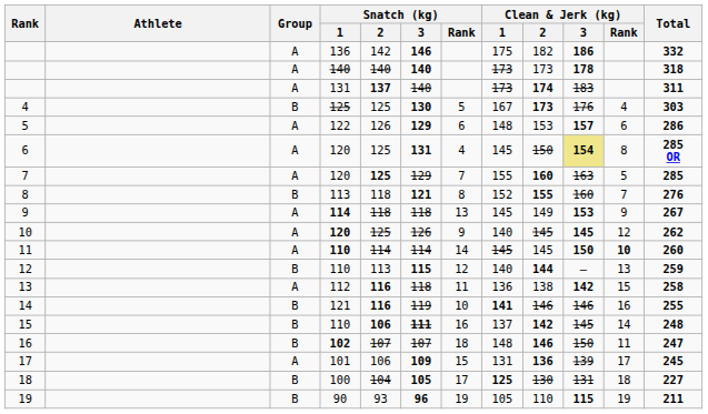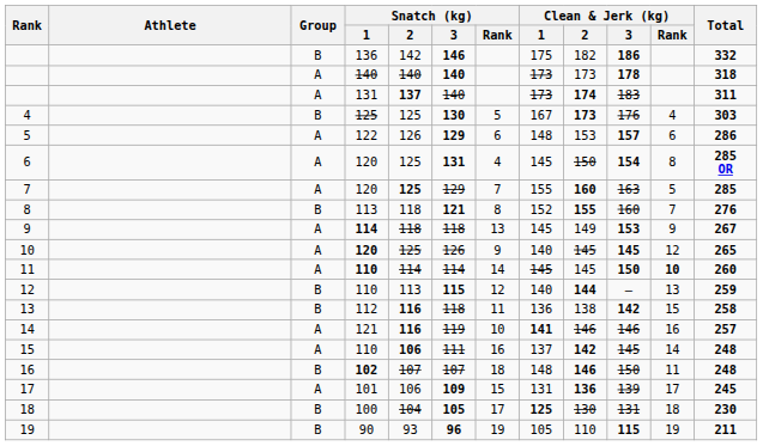 <table class = "wikitable" style="text-align:center;">
 <tr>
 <th rowspan=2 width=40>Rank</th>
 <th rowspan=2 width=250>Athlete</th>
 <th rowspan=2 width=50>Group</th>
 <th colspan=4>Snatch (kg)</th>
 <th colspan=4>Clean & Jerk (kg)</th>
 <th rowspan=2 width=60>Total</th>
 </tr>
 <tr>
 <th width=40>1</th>
 <th width=40>2</th>
 <th width=40>3</th>
 <th width=40>Rank</th>
 <th width=40>1</th>
 <th width=40>2</th>
 <th width=40>3</th>
 <th width=40>Rank</th>
 </tr>
 <tr>
 <td></td>
 <td align=left></td>
-<td>A</td>
+<td>B</td>
 <td>136</td>
 <td>142</td>
 <td><strong>146</strong></td>
 <td></td>
 <td>175</td>
 <td>182</td>
 <td><strong>186</strong></td>
 <td></td>
 <td><strong>332</strong></td>
 </tr>
 <tr>
 <td></td>
 <td align=left></td>
 <td>A</td>
 <td><s>140</s></td>
 <td><s>140</s></td>
 <td><strong>140</strong></td>
 <td></td>
 <td><s>173</s></td>
 <td>173</td>
 <td><strong>178</strong></td>
 <td></td>
 <td><strong>318</strong></td>
 </tr>
 <tr>
 <td></td>
 <td align=left></td>
 <td>A</td>
 <td>131</td>
 <td><strong>137</strong></td>
 <td><s>140</s></td>
 <td></td>
 <td><s>173</s></td>
 <td><strong>174</strong></td>
 <td><s>183</s></td>
 <td></td>
 <td><strong>311</strong></td>
 </tr>
 <tr>
 <td>4</td>
 <td align=left></td>
 <td>B</td>
 <td><s>125</s></td>
 <td>125</td>
 <td><strong>130</strong></td>
 <td>5</td>
 <td>167</td>
 <td><strong>173</strong></td>
 <td><s>176</s></td>
 <td>4</td>
 <td><strong>303</strong></td>
 </tr>
 <tr>
 <td>5</td>
 <td align=left></td>
 <td>A</td>
 <td>122</td>
 <td>126</td>
 <td><strong>129</strong></td>
 <td>6</td>
 <td>148</td>
 <td>153</td>
 <td><strong>157</strong></td>
 <td>6</td>
 <td><strong>286</strong></td>
 </tr>
 <tr>
 <td>6</td>
 <td align=left></td>
 <td>A</td>
 <td>120</td>
 <td>125</td>
 <td><strong>131</strong></td>
 <td>4</td>
 <td>145</td>
 <td><s>150</s></td>
-<td style="background: khaki;"><strong>154</strong></td>
+<td><strong>154</strong></td>
 <td>8</td>
 <td><strong>285</strong><br><strong><a href='#'>OR</a></strong></td>
 </tr>
 <tr>
 <td>7</td>
 <td align=left></td>
 <td>A</td>
 <td>120</td>
 <td><strong>125</strong></td>
 <td><s>129</s></td>
 <td>7</td>
 <td>155</td>
 <td><strong>160</strong></td>
 <td><s>163</s></td>
 <td>5</td>
 <td><strong>285</strong></td>
 </tr>
 <tr>
 <td>8</td>
 <td align=left></td>
 <td>B</td>
 <td>113</td>
 <td>118</td>
 <td><strong>121</strong></td>
 <td>8</td>
 <td>152</td>
 <td><strong>155</strong></td>
 <td><s>160</s></td>
 <td>7</td>
 <td><strong>276</strong></td>
 </tr>
 <tr>
 <td>9</td>
 <td align=left></td>
 <td>A</td>
 <td><strong>114</strong></td>
 <td><s>118</s></td>
 <td><s>118</s></td>
 <td>13</td>
 <td>145</td>
 <td>149</td>
 <td><strong>153</strong></td>
 <td>9</td>
 <td><strong>267</strong></td>
 </tr>
 <tr>
 <td>10</td>
 <td align=left></td>
 <td>A</td>
 <td><strong>120</strong></td>
 <td><s>125</s></td>
 <td><s>126</s></td>
 <td>9</td>
 <td>140</td>
 <td><s>145</s></td>
 <td><strong>145</strong></td>
 <td>12</td>
-<td><strong>262</strong></td>
+<td><strong>265</strong></td>
 </tr>
 <tr>
 <td>11</td>
 <td align=left></td>
 <td>A</td>
 <td><strong>110</strong></td>
 <td><s>114</s></td>
 <td><s>114</s></td>
 <td>14</td>
 <td><s>145</s></td>
 <td>145</td>
 <td><strong>150</strong></td>
 <td><strong>10</strong></td>
 <td><strong>260</strong></td>
 </tr>
 <tr>
 <td>12</td>
 <td align=left></td>
 <td>B</td>
 <td>110</td>
 <td>113</td>
 <td><strong>115</strong></td>
 <td>12</td>
 <td>140</td>
 <td><strong>144</strong></td>
 <td>—</td>
 <td>13</td>
 <td><strong>259</strong></td>
 </tr>
 <tr>
 <td>13</td>
 <td align=left></td>
-<td>A</td>
+<td>B</td>
 <td>112</td>
 <td><strong>116</strong></td>
 <td><s>118</s></td>
 <td>11</td>
 <td>136</td>
 <td>138</td>
 <td><strong>142</strong></td>
 <td>15</td>
 <td><strong>258</strong></td>
 </tr>
 <tr>
 <td>14</td>
 <td align=left></td>
-<td>B</td>
+<td>A</td>
 <td>121</td>
 <td><strong>116</strong></td>
 <td><s>119</s></td>
 <td>10</td>
 <td><strong>141</strong></td>
 <td><s>146</s></td>
 <td><s>146</s></td>
 <td>16</td>
-<td><strong>255</strong></td>
+<td><strong>257</strong></td>
 </tr>
 <tr>
 <td>15</td>
 <td align=left></td>
-<td>B</td>
+<td>A</td>
 <td>110</td>
 <td><strong>106</strong></td>
-<td><strong><s>111</s></strong></td>
+<td><s>111</s></td>
 <td>16</td>
 <td>137</td>
 <td><strong>142</strong></td>
 <td><s>145</s></td>
 <td>14</td>
 <td><strong>248</strong></td>
 </tr>
 <tr>
 <td>16</td>
 <td align=left></td>
 <td>B</td>
 <td><strong>102</strong></td>
 <td><s>107</s></td>
 <td><s>107</s></td>
 <td>18</td>
 <td>148</td>
 <td><strong>146</strong></td>
 <td><s>150</s></td>
 <td>11</td>
-<td><strong>247</strong></td>
+<td><strong>248</strong></td>
 </tr>
 <tr>
 <td>17</td>
 <td align=left></td>
 <td>A</td>
 <td>101</td>
 <td>106</td>
 <td><strong>109</strong></td>
 <td>15</td>
 <td>131</td>
 <td><strong>136</strong></td>
 <td><s>139</s></td>
 <td>17</td>
 <td><strong>245</strong></td>
 </tr>
 <tr>
 <td>18</td>
 <td align=left></td>
 <td>B</td>
 <td>100</td>
 <td><s>104</s></td>
 <td><strong>105</strong></td>
 <td>17</td>
 <td><strong>125</strong></td>
 <td><s>130</s></td>
 <td><s>131</s></td>
 <td>18</td>
-<td><strong>227</strong></td>
+<td><strong>230</strong></td>
 </tr>
 <tr>
 <td>19</td>
 <td align=left></td>
 <td>B</td>
 <td>90</td>
 <td>93</td>
 <td><strong>96</strong></td>
 <td>19</td>
 <td>105</td>
 <td>110</td>
 <td><strong>115</strong></td>
 <td>19</td>
 <td><strong>211</strong></td>
 </tr>
 </table>
